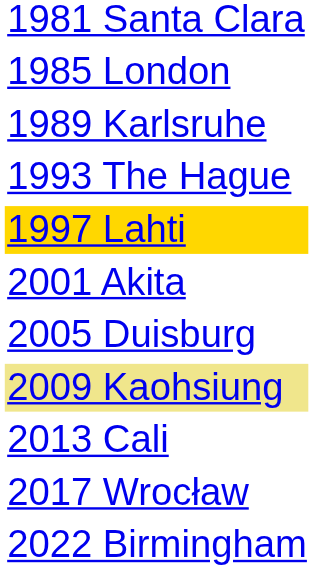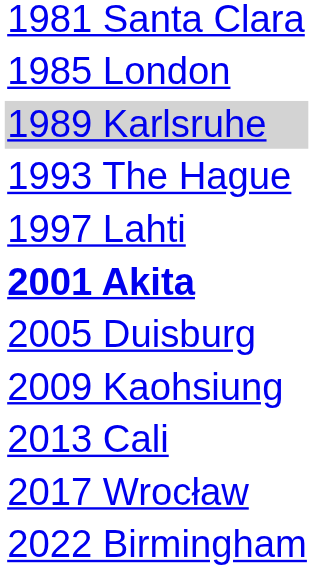 <table>
 <tr>
 <td><a href='#'>1981 Santa Clara</a></td>
 <td></td>
 <td></td>
 <td></td>
 </tr>
 <tr>
 <td><a href='#'>1985 London</a></td>
 <td></td>
 <td></td>
 <td></td>
 </tr>
 <tr>
-<td><a href='#'>1989 Karlsruhe</a></td>
+<td style="background: lightgrey;"><a href='#'>1989 Karlsruhe</a></td>
 <td></td>
 <td></td>
 <td></td>
 </tr>
 <tr>
 <td><a href='#'>1993 The Hague</a></td>
 <td></td>
 <td></td>
 <td></td>
 </tr>
 <tr>
-<td style="background: gold;"><a href='#'>1997 Lahti</a></td>
+<td><a href='#'>1997 Lahti</a></td>
 <td></td>
 <td></td>
 <td></td>
 </tr>
 <tr>
-<td><a href='#'>2001 Akita</a></td>
+<td><strong><a href='#'>2001 Akita</a></strong></td>
 <td></td>
 <td></td>
 <td></td>
 </tr>
 <tr>
 <td><a href='#'>2005 Duisburg</a></td>
 <td></td>
 <td></td>
 <td></td>
 </tr>
 <tr>
-<td style="background: khaki;"><a href='#'>2009 Kaohsiung</a></td>
+<td><a href='#'>2009 Kaohsiung</a></td>
 <td></td>
 <td></td>
 <td><br></td>
 </tr>
 <tr>
 <td><a href='#'>2013 Cali</a></td>
 <td></td>
 <td></td>
 <td></td>
 </tr>
 <tr>
 <td><a href='#'>2017 Wrocław</a></td>
 <td></td>
 <td></td>
 <td></td>
 </tr>
 <tr>
 <td><a href='#'>2022 Birmingham</a></td>
 <td></td>
 <td></td>
 <td></td>
 </tr>
 </table>
